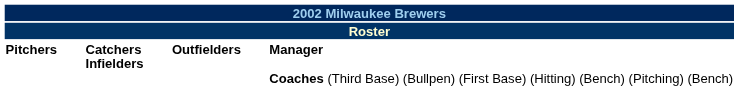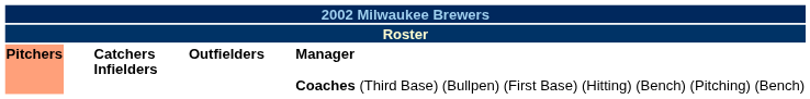 <table class="toccolours" style="font-size: 95%;">
 <tr>
 <th colspan="10" style="background-color: #00285D; color: #9ECEEE; text-align: center;">2002 Milwaukee Brewers</th>
 </tr>
 <tr>
 <td colspan="10" style="background-color: #003366; color: #FFFDD0; text-align: center;"><strong>Roster</strong></td>
 </tr>
 <tr>
-<td valign="top"><strong>Pitchers</strong><br>                        </td>
+<td valign="top" style="background: lightsalmon;"><strong>Pitchers</strong><br>                        </td>
 <td width="25px"></td>
 <td valign="top"><strong>Catchers</strong><br>     <strong>Infielders</strong>          </td>
 <td width="25px"></td>
 <td valign="top"><strong>Outfielders</strong><br>        </td>
 <td width="25px"></td>
 <td valign="top"><strong>Manager</strong><br>  <br><strong>Coaches</strong>  (Third Base)  (Bullpen)  (First Base)  (Hitting)  (Bench)  (Pitching)   (Bench)</td>
 </tr>
 <tr>
 </tr>
 </table>
